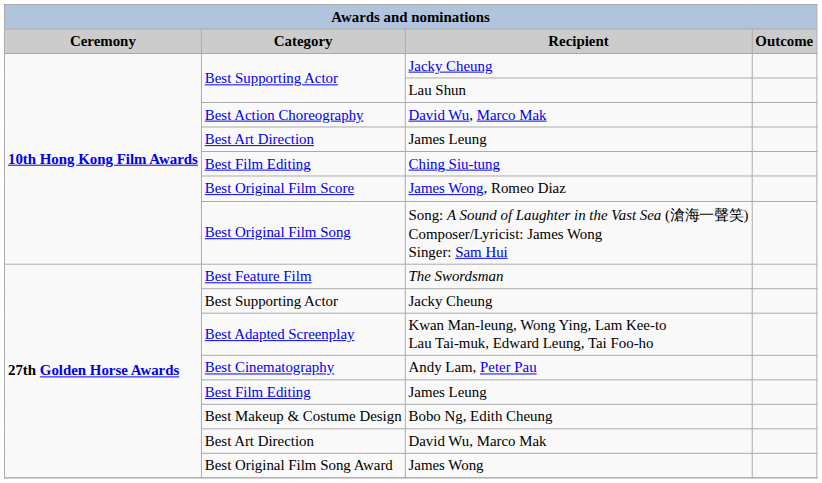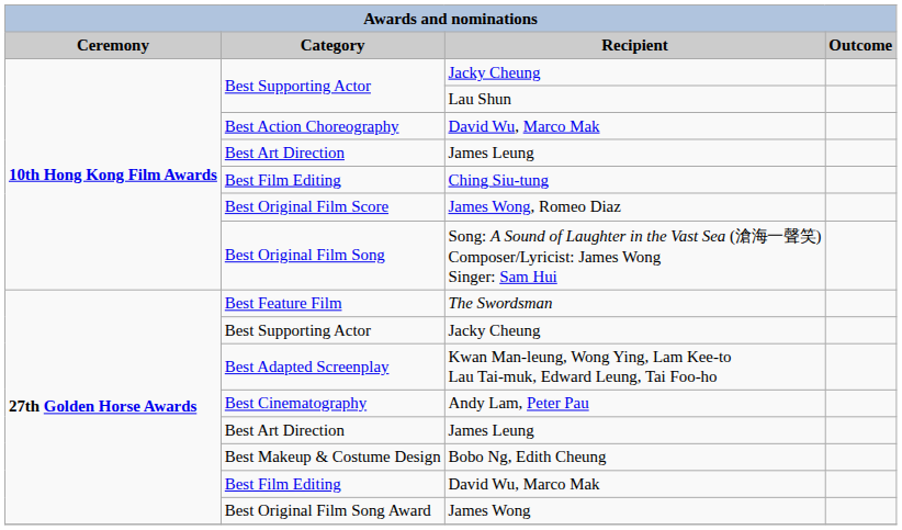 <table class="wikitable" style="font-size:95%;" ;>
 <tr style="background:#ccc; text-align:center;">
 <th colspan="4" style="background: LightSteelBlue;">Awards and nominations</th>
 </tr>
 <tr style="background:#ccc; text-align:center;">
 <th style="background:#ccc">Ceremony</th>
 <th style="background:#ccc">Category</th>
 <th style="background:#ccc">Recipient</th>
 <th style="background:#ccc">Outcome</th>
 </tr>
 <tr>
 <td rowspan=7><strong><a href='#'>10th Hong Kong Film Awards</a></strong></td>
 <td rowspan=2><a href='#'>Best Supporting Actor</a></td>
 <td><a href='#'>Jacky Cheung</a></td>
 <td></td>
 </tr>
 <tr>
 <td>Lau Shun</td>
 <td></td>
 </tr>
 <tr>
 <td><a href='#'>Best Action Choreography</a></td>
 <td><a href='#'>David Wu</a>, <a href='#'>Marco Mak</a></td>
 <td></td>
 </tr>
 <tr>
 <td><a href='#'>Best Art Direction</a></td>
 <td>James Leung</td>
 <td></td>
 </tr>
 <tr>
 <td><a href='#'>Best Film Editing</a></td>
 <td><a href='#'>Ching Siu-tung</a></td>
 <td></td>
 </tr>
 <tr>
 <td><a href='#'>Best Original Film Score</a></td>
 <td><a href='#'>James Wong</a>, Romeo Diaz</td>
 <td></td>
 </tr>
 <tr>
 <td><a href='#'>Best Original Film Song</a></td>
 <td>Song: <em>A Sound of Laughter in the Vast Sea</em> (滄海一聲笑)<br>Composer/Lyricist: James Wong <br>Singer: <a href='#'>Sam Hui</a></td>
 <td></td>
 </tr>
 <tr>
 <td rowspan=8><strong>27th <a href='#'>Golden Horse Awards</a></strong></td>
 <td><a href='#'>Best Feature Film</a></td>
 <td><em>The Swordsman<strong></td>
 <td></td>
 </tr>
 <tr>
 <td>Best Supporting Actor</td>
 <td>Jacky Cheung</td>
 <td></td>
 </tr>
 <tr>
 <td><a href='#'>Best Adapted Screenplay</a></td>
 <td>Kwan Man-leung, Wong Ying, Lam Kee-to<br>Lau Tai-muk, Edward Leung, Tai Foo-ho</td>
 <td></td>
 </tr>
 <tr>
 <td><a href='#'>Best Cinematography</a></td>
 <td>Andy Lam, <a href='#'>Peter Pau</a></td>
 <td></td>
 </tr>
 <tr>
-<td><a href='#'>Best Film Editing</a></td>
+<td>Best Art Direction</td>
 <td>James Leung</td>
 <td></td>
 </tr>
 <tr>
 <td>Best Makeup & Costume Design</td>
 <td>Bobo Ng, Edith Cheung</td>
 <td></td>
 </tr>
 <tr>
-<td>Best Art Direction</td>
+<td><a href='#'>Best Film Editing</a></td>
 <td>David Wu, Marco Mak</td>
 <td></td>
 </tr>
 <tr>
 <td>Best Original Film Song Award</td>
 <td>James Wong</td>
 <td></td>
 </tr>
 <tr>
 </tr>
 </table>
